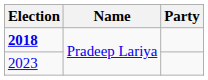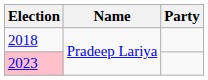 <table class="wikitable sortable">
 <tr>
 <th>Election</th>
 <th>Name</th>
 <th colspan=2>Party</th>
 </tr>
 <tr>
-<td><strong><a href='#'>2018</a></strong></td>
+<td><a href='#'>2018</a></td>
 <td rowspan="2"><a href='#'>Pradeep Lariya</a></td>
 <td></td>
 </tr>
 <tr>
-<td><a href='#'>2023</a></td>
+<td style="background: pink;"><a href='#'>2023</a></td>
 </tr>
 </table>
